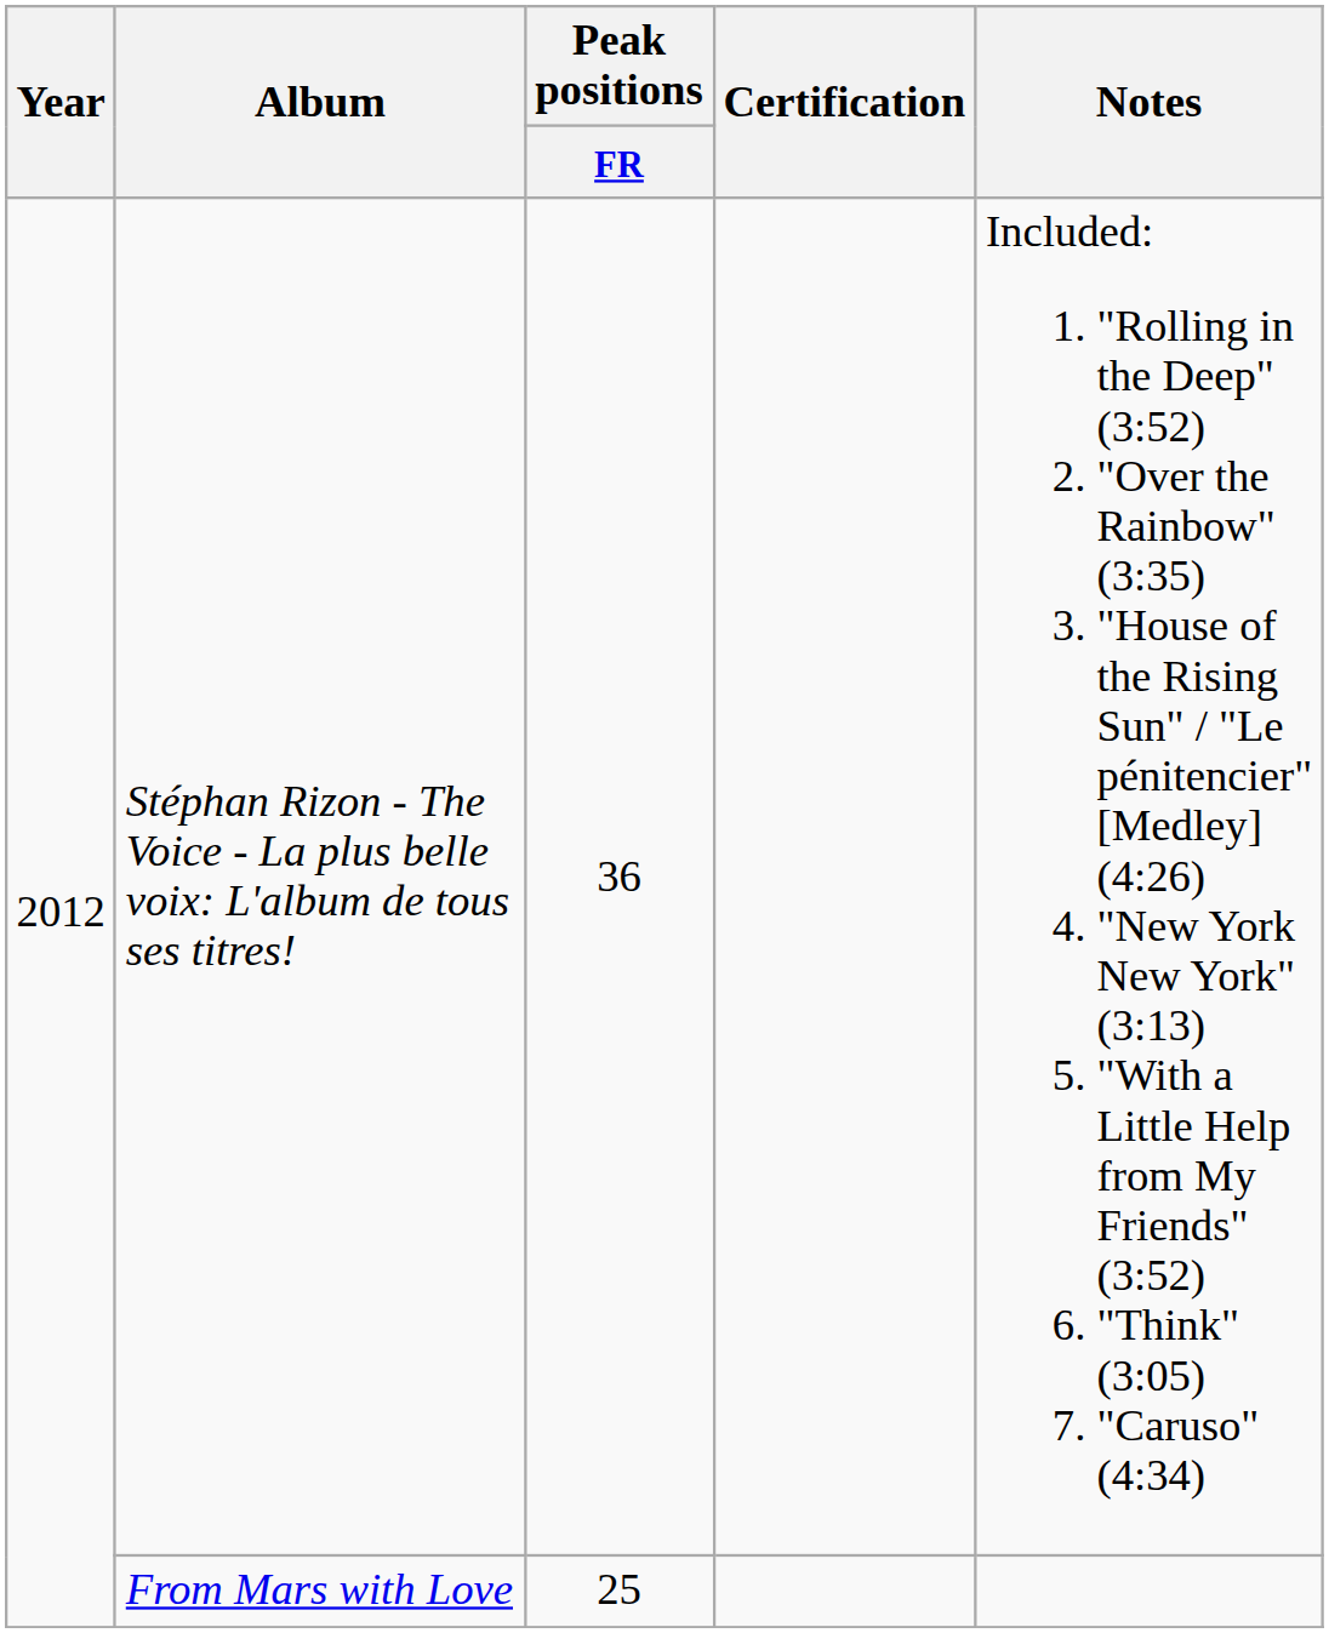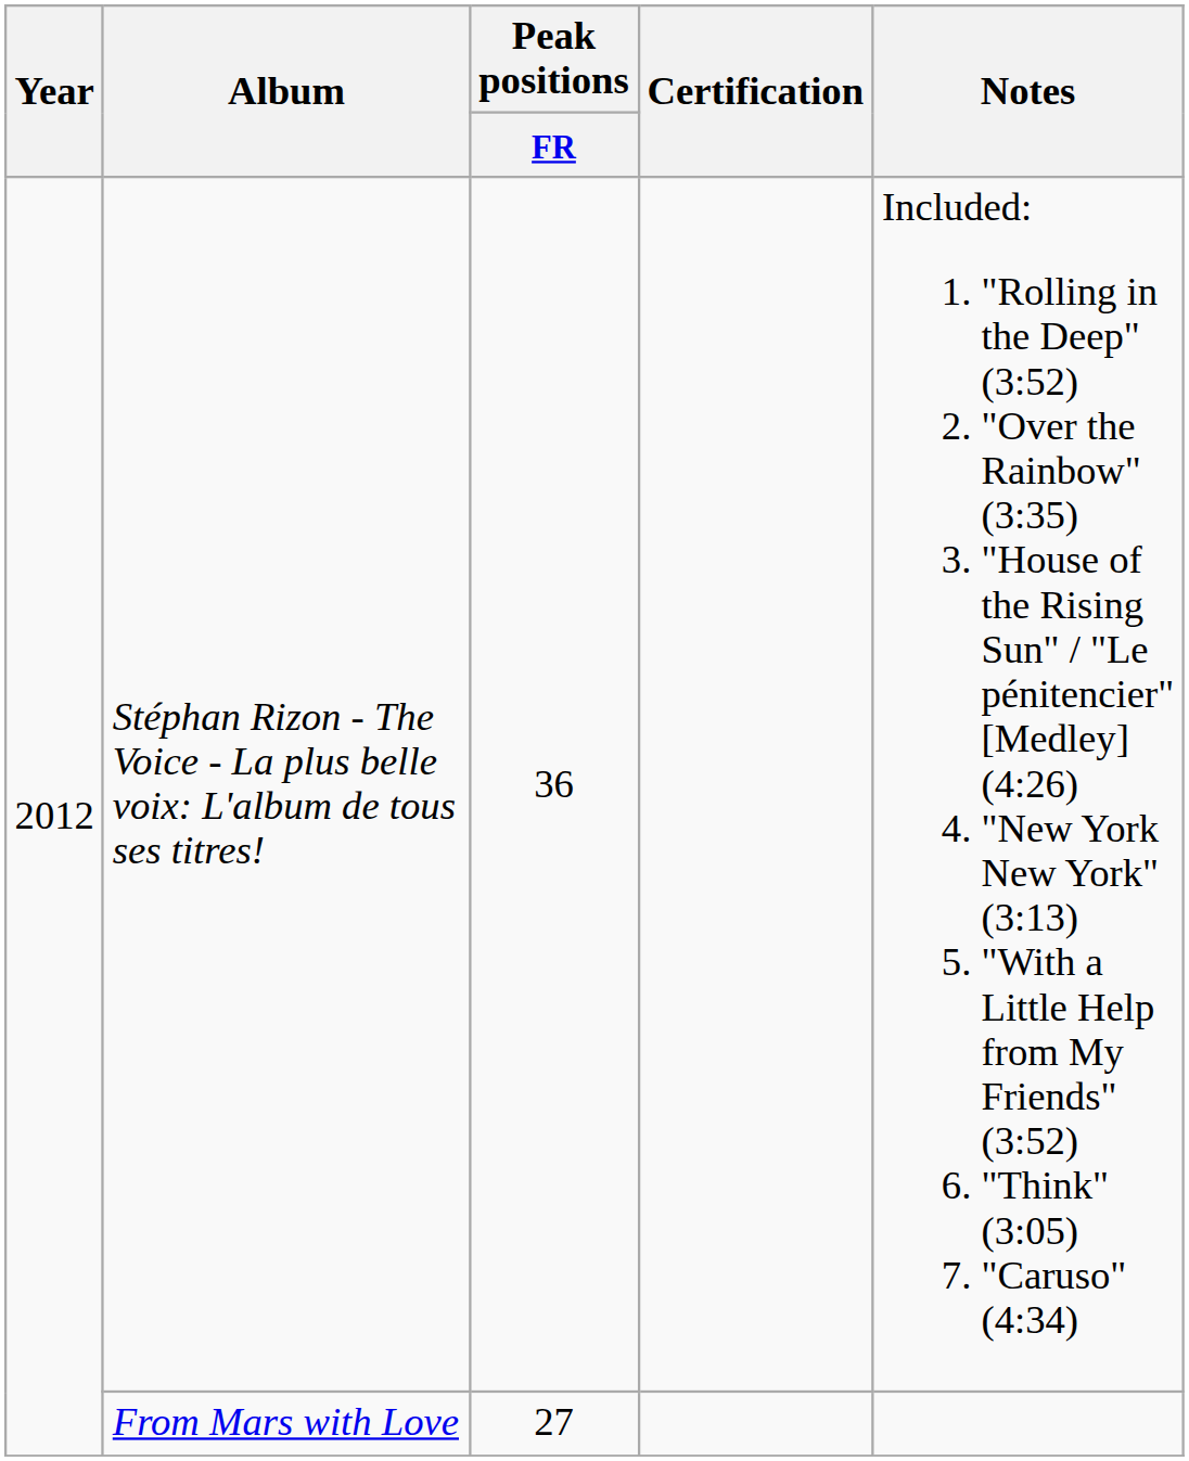 <table class="wikitable">
 <tr>
 <th align="center" rowspan="2" width="10">Year</th>
 <th align="center" rowspan="2" width="140">Album</th>
 <th align="center" colspan="1">Peak positions</th>
 <th align="center" rowspan="2" width="40">Certification</th>
 <th align="center" rowspan="2" width="100">Notes</th>
 </tr>
 <tr>
 <th width="20"><small><a href='#'>FR</a></small><br></th>
 </tr>
 <tr>
 <td align="center" rowspan="2">2012</td>
 <td><em>Stéphan Rizon - The Voice - La plus belle voix: L'album de tous ses titres!</em></td>
 <td align="center">36</td>
 <td align="center"></td>
 <td>Included:<br><ol><li>"Rolling in the Deep" (3:52)</li><li>"Over the Rainbow" (3:35)</li><li>"House of the Rising Sun" / "Le pénitencier" [Medley] (4:26)</li><li>"New York New York" (3:13)</li><li>"With a Little Help from My Friends" (3:52)</li><li>"Think" (3:05)</li><li>"Caruso" (4:34)</li></ol></td>
 </tr>
 <tr>
 <td><em><a href='#'>From Mars with Love</a></em></td>
-<td align="center">25</td>
+<td align="center">27</td>
 <td align="center"></td>
 <td></td>
 </tr>
 <tr>
 </tr>
 </table>
